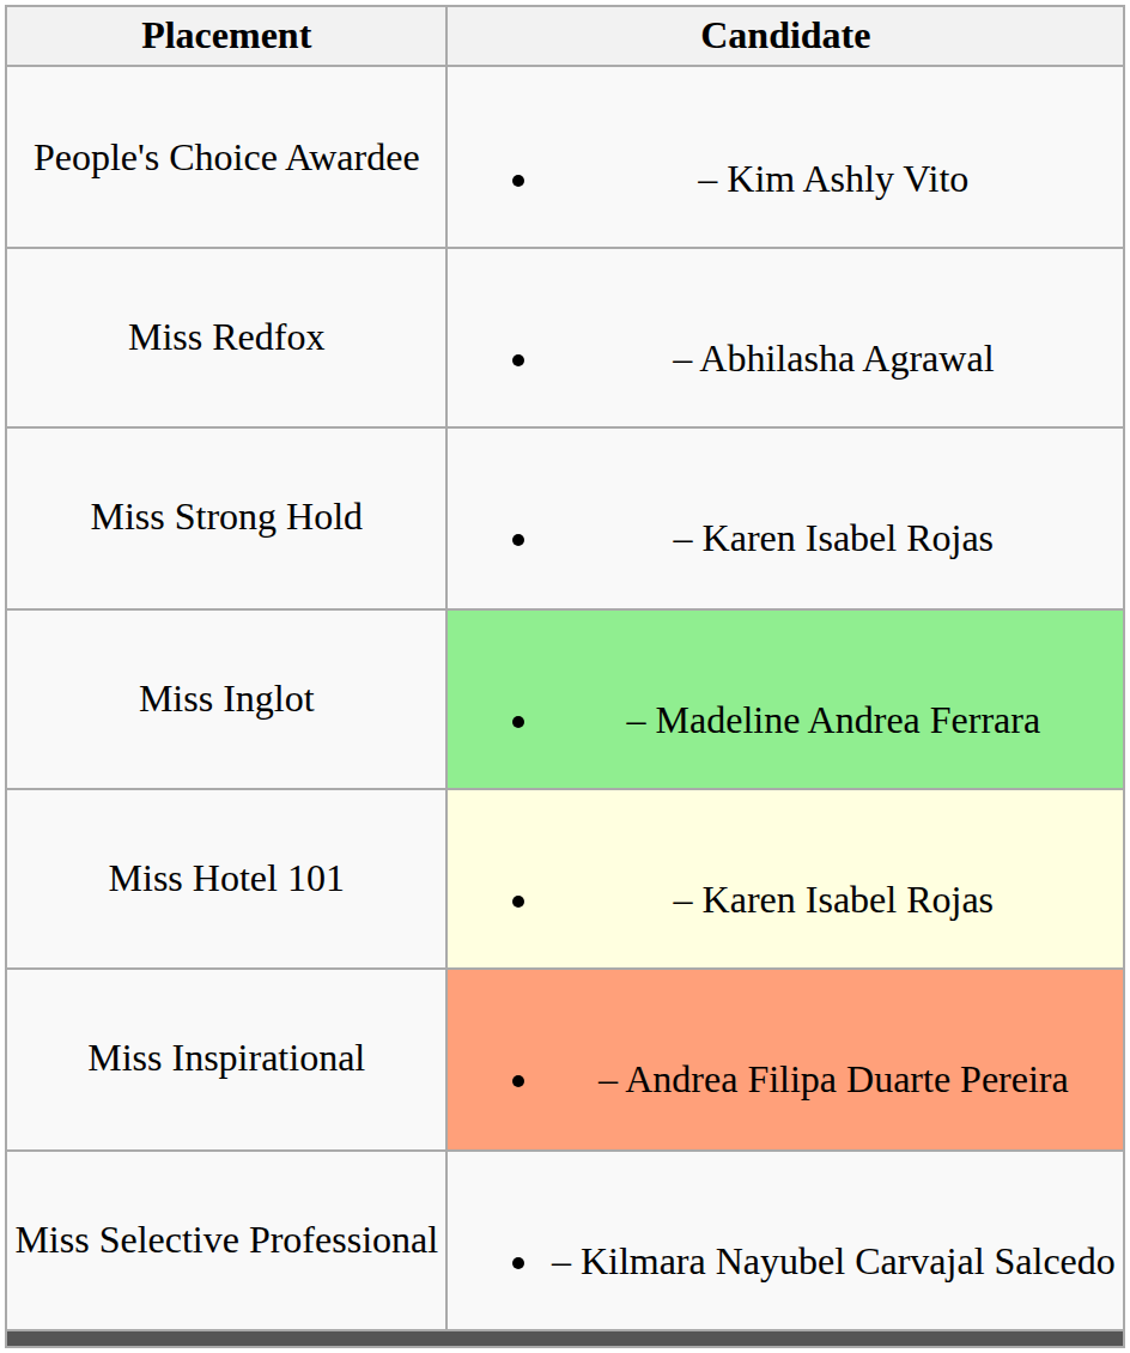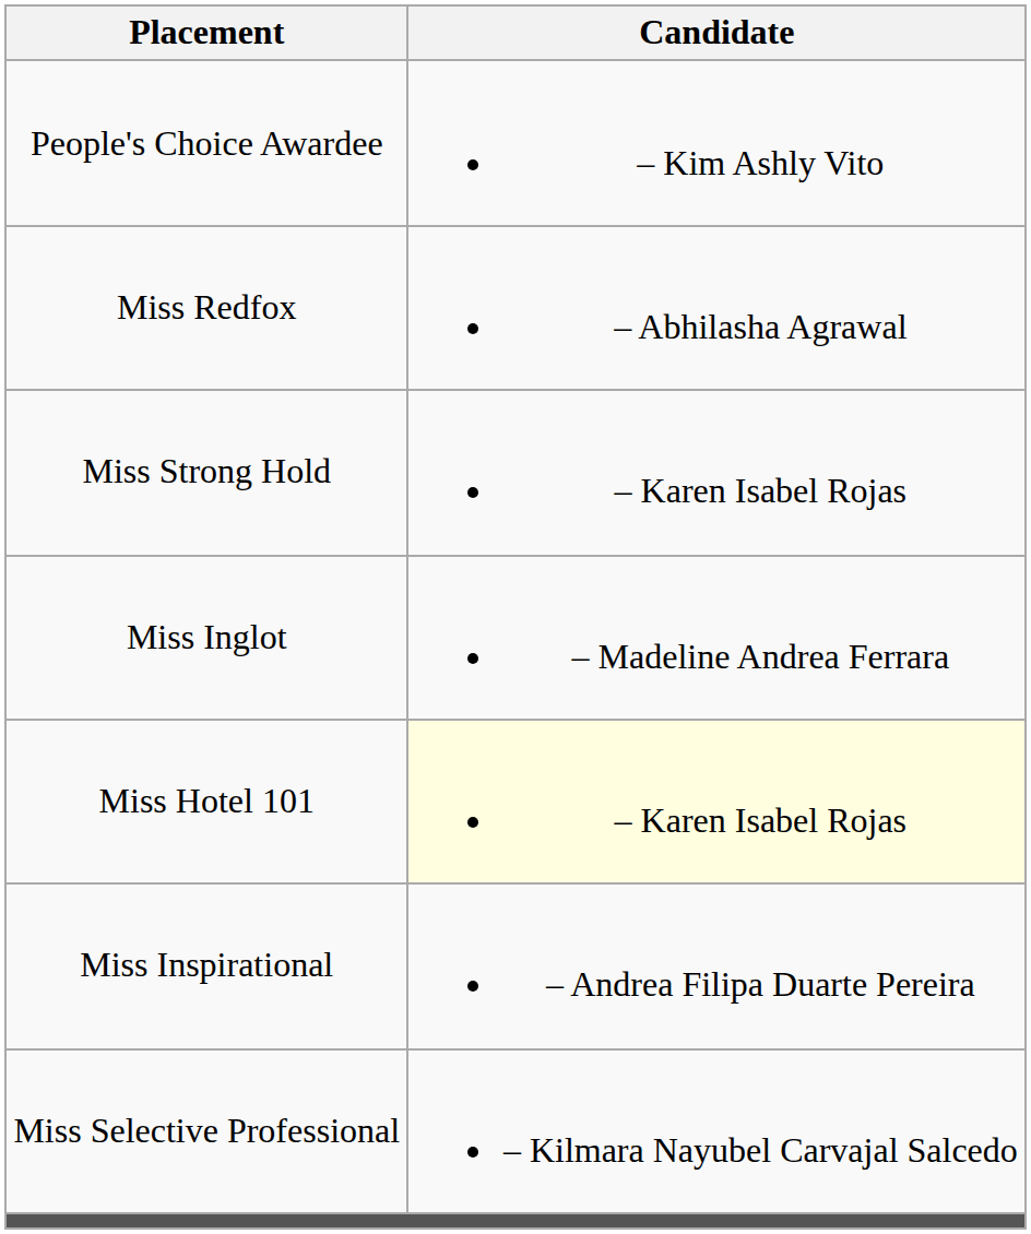 <table class="wikitable" style="text-align: center;">
 <tr>
 <th>Placement</th>
 <th>Candidate</th>
 </tr>
 <tr>
 <td>People's Choice Awardee</td>
 <td><br><ul><li><strong></strong> – Kim Ashly Vito</li></ul></td>
 </tr>
 <tr>
 <td>Miss Redfox</td>
 <td><br><ul><li><strong></strong> – Abhilasha Agrawal</li></ul></td>
 </tr>
 <tr>
 <td>Miss Strong Hold</td>
 <td><br><ul><li><strong></strong> – Karen Isabel Rojas</li></ul></td>
 </tr>
 <tr>
 <td>Miss Inglot</td>
-<td style="background: lightgreen;"><br><ul><li><strong></strong> – Madeline Andrea Ferrara</li></ul></td>
+<td><br><ul><li><strong></strong> – Madeline Andrea Ferrara</li></ul></td>
 </tr>
 <tr>
 <td>Miss Hotel 101</td>
 <td style="background: lightyellow;"><br><ul><li><strong></strong> – Karen Isabel Rojas</li></ul></td>
 </tr>
 <tr>
 <td>Miss Inspirational</td>
-<td style="background: lightsalmon;"><br><ul><li><strong></strong> – Andrea Filipa Duarte Pereira</li></ul></td>
+<td><br><ul><li><strong></strong> – Andrea Filipa Duarte Pereira</li></ul></td>
 </tr>
 <tr>
 <td>Miss Selective Professional</td>
 <td><br><ul><li><strong></strong> – Kilmara Nayubel Carvajal Salcedo</li></ul></td>
 </tr>
 <tr bgcolor=#555>
 <td colspan=5></td>
 </tr>
 </table>
